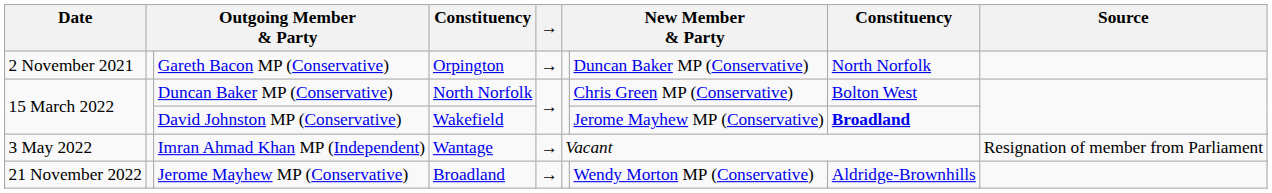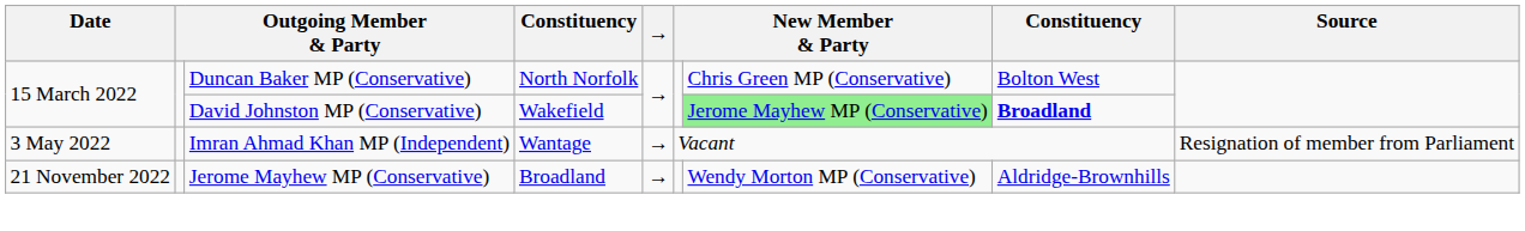 <table class="wikitable">
 <tr>
 <th valign="top">Date</th>
 <th colspan="2" valign="top">Outgoing Member<br>& Party</th>
 <th valign="top">Constituency</th>
 <th>→</th>
 <th colspan="2" valign="top">New Member<br>& Party</th>
 <th valign="top">Constituency</th>
 <th valign="top">Source</th>
-</tr>
-<tr>
-<td nowrap>2 November 2021</td>
-<td style="color:inherit;background:"></td>
-<td><a href='#'>Gareth Bacon</a> MP (<a href='#'>Conservative</a>)</td>
-<td><a href='#'>Orpington</a></td>
-<td>→</td>
-<td style="color:inherit;background:"></td>
-<td><a href='#'>Duncan Baker</a> MP (<a href='#'>Conservative</a>)</td>
-<td><a href='#'>North Norfolk</a></td>
-<td></td>
 </tr>
 <tr>
 <td nowrap rowspan=2>15 March 2022</td>
 <td rowspan=2 style="color:inherit;background:"></td>
 <td><a href='#'>Duncan Baker</a> MP (<a href='#'>Conservative</a>)</td>
 <td><a href='#'>North Norfolk</a></td>
 <td rowspan=2>→</td>
 <td rowspan=2 style="color:inherit;background:"></td>
 <td><a href='#'>Chris Green</a> MP (<a href='#'>Conservative</a>)</td>
 <td><a href='#'>Bolton West</a></td>
 <td rowspan=2></td>
 </tr>
 <tr>
 <td><a href='#'>David Johnston</a> MP (<a href='#'>Conservative</a>)</td>
 <td><a href='#'>Wakefield</a></td>
-<td><a href='#'>Jerome Mayhew</a> MP (<a href='#'>Conservative</a>)</td>
+<td style="background: lightgreen;"><a href='#'>Jerome Mayhew</a> MP (<a href='#'>Conservative</a>)</td>
 <td><strong><a href='#'>Broadland</a></strong></td>
 </tr>
 <tr>
 <td nowrap>3 May 2022</td>
 <td style="color:inherit;background:"></td>
 <td><a href='#'>Imran Ahmad Khan</a> MP (<a href='#'>Independent</a>)</td>
 <td><a href='#'>Wantage</a></td>
 <td>→</td>
 <td colspan=3><em>Vacant</em></td>
 <td>Resignation of member from Parliament</td>
 </tr>
 <tr>
 <td nowrap>21 November 2022</td>
 <td style="color:inherit;background:"></td>
 <td><a href='#'>Jerome Mayhew</a> MP (<a href='#'>Conservative</a>)</td>
 <td><a href='#'>Broadland</a></td>
 <td>→</td>
 <td style="color:inherit;background:"></td>
 <td><a href='#'>Wendy Morton</a> MP (<a href='#'>Conservative</a>)</td>
 <td><a href='#'>Aldridge-Brownhills</a></td>
 <td></td>
 </tr>
 </table>
